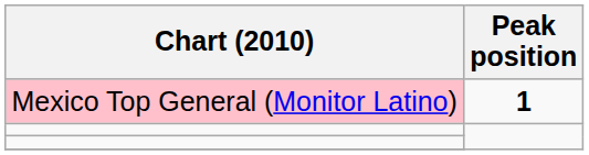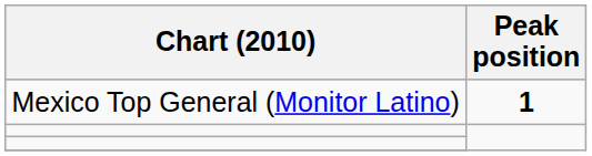 <table class="wikitable sortable">
 <tr>
 <th align="left">Chart (2010)</th>
 <th align="left">Peak<br>position</th>
 </tr>
 <tr>
-<td align="left" style="background: pink;">Mexico Top General (<a href='#'>Monitor Latino</a>)</td>
+<td align="left">Mexico Top General (<a href='#'>Monitor Latino</a>)</td>
 <td align="center"><strong>1</strong></td>
 </tr>
 <tr>
 <td></td>
 </tr>
 <tr>
 <td></td>
 </tr>
 <tr>
 </tr>
 </table>
